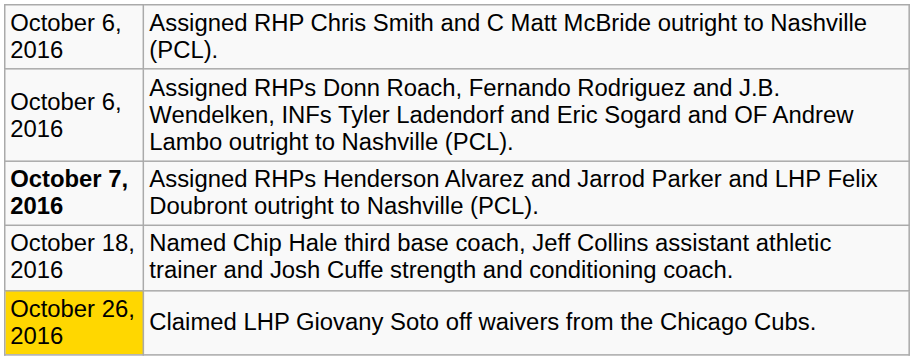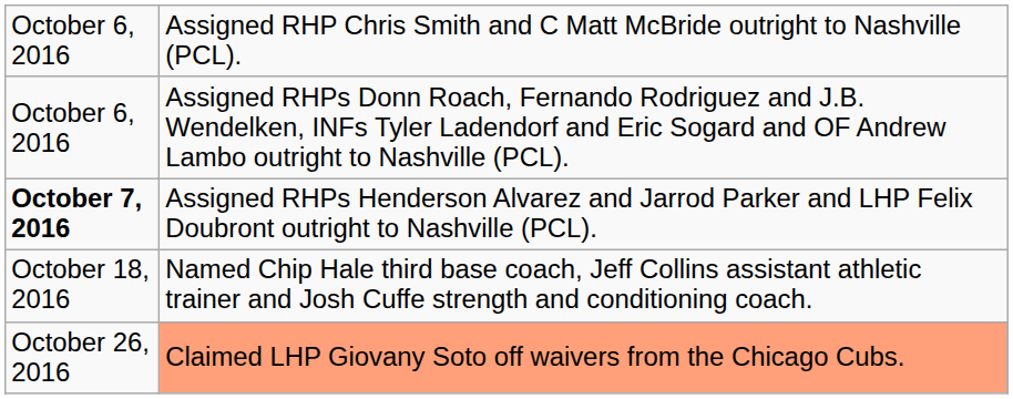 <table class="wikitable">
 <tr>
 <td>October 6, 2016</td>
 <td>Assigned RHP Chris Smith and C Matt McBride outright to Nashville (PCL).</td>
 </tr>
 <tr>
 <td>October 6, 2016</td>
 <td>Assigned RHPs Donn Roach, Fernando Rodriguez and J.B. Wendelken, INFs Tyler Ladendorf and Eric Sogard and OF Andrew Lambo outright to Nashville (PCL).</td>
 </tr>
 <tr>
 <td><strong>October 7, 2016</strong></td>
 <td>Assigned RHPs Henderson Alvarez and Jarrod Parker and LHP Felix Doubront outright to Nashville (PCL).</td>
 </tr>
 <tr>
 <td>October 18, 2016</td>
 <td>Named Chip Hale third base coach, Jeff Collins assistant athletic trainer and Josh Cuffe strength and conditioning coach.</td>
 </tr>
 <tr>
-<td style="background: gold;">October 26, 2016</td>
-<td>Claimed LHP Giovany Soto off waivers from the Chicago Cubs.</td>
+<td>October 26, 2016</td>
+<td style="background: lightsalmon;">Claimed LHP Giovany Soto off waivers from the Chicago Cubs.</td>
 </tr>
 </table>
